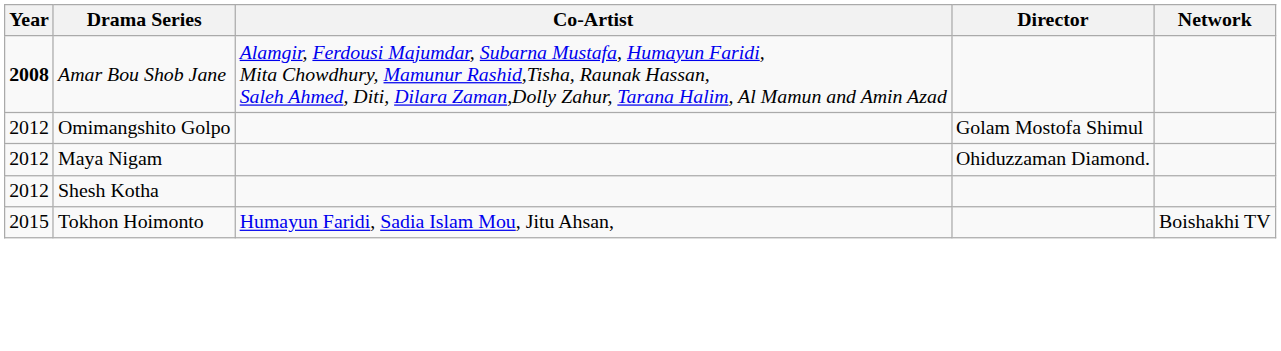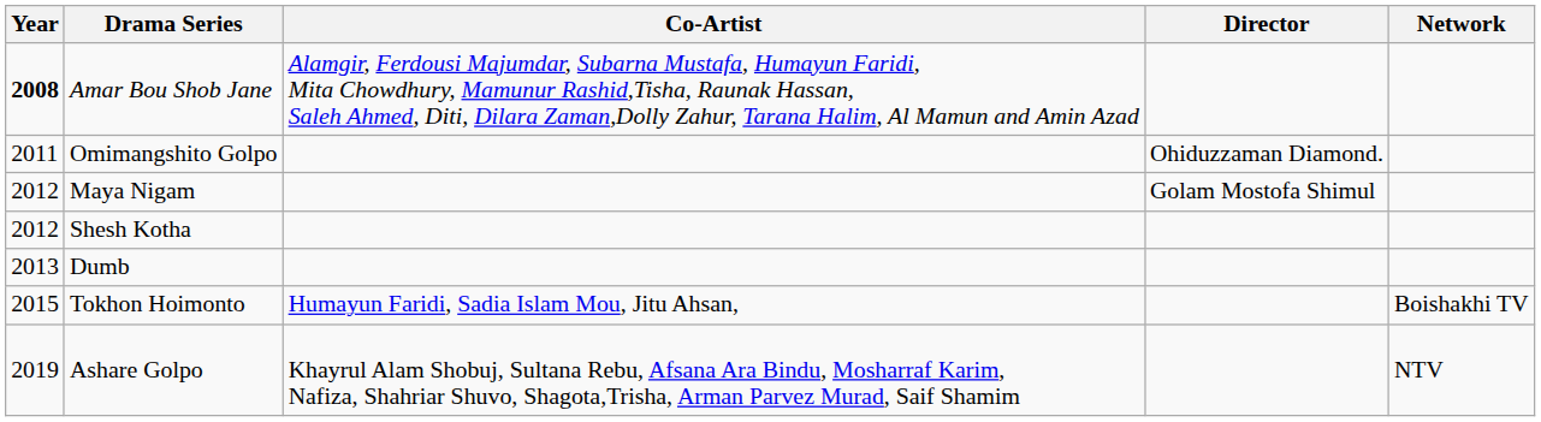 <table class="wikitable">
 <tr>
 <th>Year</th>
 <th>Drama Series</th>
 <th>Co-Artist</th>
 <th>Director</th>
 <th>Network</th>
 </tr>
 <tr>
 <td><strong>2008</strong></td>
 <td><em>Amar Bou Shob Jane</em></td>
 <td><em><a href='#'>Alamgir</a>, <a href='#'>Ferdousi Majumdar</a>, <a href='#'>Subarna Mustafa</a>, <a href='#'>Humayun Faridi</a>,</em><br><em>Mita Chowdhury, <a href='#'>Mamunur Rashid</a>,Tisha, Raunak Hassan,</em><br><em><a href='#'>Saleh Ahmed</a>, Diti, <a href='#'>Dilara Zaman</a>,Dolly Zahur, <a href='#'>Tarana Halim</a>, Al Mamun and Amin Azad</em></td>
 <td></td>
 <td></td>
 </tr>
 <tr>
+<td>2011</td>
+<td>Omimangshito Golpo</td>
+<td></td>
+<td>Ohiduzzaman Diamond.</td>
+<td></td>
+</tr>
+<tr>
 <td>2012</td>
-<td>Omimangshito Golpo</td>
+<td>Maya Nigam</td>
 <td></td>
 <td>Golam Mostofa Shimul</td>
 <td></td>
 </tr>
 <tr>
 <td>2012</td>
-<td>Maya Nigam</td>
+<td>Shesh Kotha</td>
 <td></td>
-<td>Ohiduzzaman Diamond.</td>
+<td></td>
 <td></td>
 </tr>
 <tr>
-<td>2012</td>
-<td>Shesh Kotha</td>
+<td>2013</td>
+<td>Dumb</td>
 <td></td>
 <td></td>
 <td></td>
 </tr>
 <tr>
 <td>2015</td>
 <td>Tokhon Hoimonto</td>
 <td><a href='#'>Humayun Faridi</a>, <a href='#'>Sadia Islam Mou</a>, Jitu Ahsan,</td>
 <td></td>
 <td>Boishakhi TV</td>
 </tr>
+<tr>
+<td>2019</td>
+<td>Ashare Golpo</td>
+<td><br>Khayrul Alam Shobuj, Sultana Rebu, <a href='#'>Afsana Ara Bindu</a>, <a href='#'>Mosharraf Karim</a>,<br>Nafiza, Shahriar Shuvo, Shagota,Trisha, <a href='#'>Arman Parvez Murad</a>, Saif Shamim</td>
+<td></td>
+<td>NTV</td>
+</tr>
 </table>
